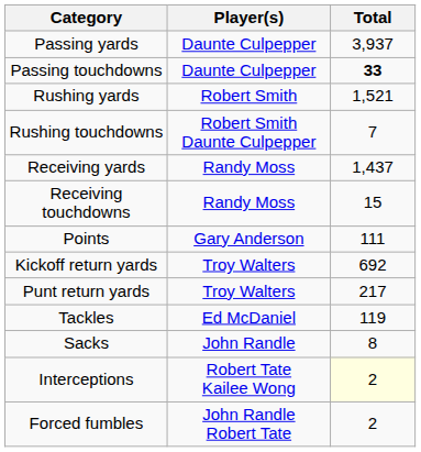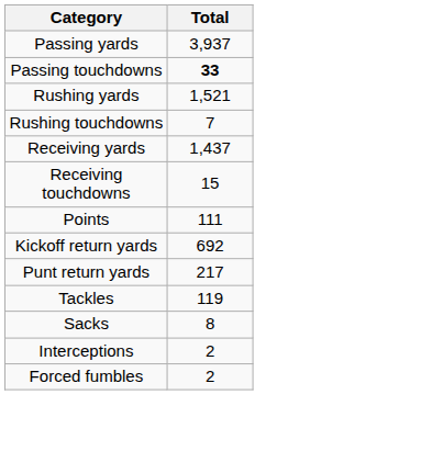 <table class="wikitable" style="text-align:center">
 <tr>
 <th width=150px>Category</th>
-<th width=150px>Player(s)</th>
 <th width=75px>Total</th>
 </tr>
 <tr>
 <td>Passing yards</td>
-<td><a href='#'>Daunte Culpepper</a></td>
 <td>3,937</td>
 </tr>
 <tr>
 <td>Passing touchdowns</td>
-<td><a href='#'>Daunte Culpepper</a></td>
 <td><strong>33</strong></td>
 </tr>
 <tr>
 <td>Rushing yards</td>
-<td><a href='#'>Robert Smith</a></td>
 <td>1,521</td>
 </tr>
 <tr>
 <td>Rushing touchdowns</td>
-<td><a href='#'>Robert Smith</a> <br> <a href='#'>Daunte Culpepper</a></td>
 <td>7</td>
 </tr>
 <tr>
 <td>Receiving yards</td>
-<td><a href='#'>Randy Moss</a></td>
 <td>1,437</td>
 </tr>
 <tr>
 <td>Receiving touchdowns</td>
-<td><a href='#'>Randy Moss</a></td>
 <td>15</td>
 </tr>
 <tr>
 <td>Points</td>
-<td><a href='#'>Gary Anderson</a></td>
 <td>111</td>
 </tr>
 <tr>
 <td>Kickoff return yards</td>
-<td><a href='#'>Troy Walters</a></td>
 <td>692</td>
 </tr>
 <tr>
 <td>Punt return yards</td>
-<td><a href='#'>Troy Walters</a></td>
 <td>217</td>
 </tr>
 <tr>
 <td>Tackles</td>
-<td><a href='#'>Ed McDaniel</a></td>
 <td>119</td>
 </tr>
 <tr>
 <td>Sacks</td>
-<td><a href='#'>John Randle</a></td>
 <td>8</td>
 </tr>
 <tr>
 <td>Interceptions</td>
-<td><a href='#'>Robert Tate</a> <br> <a href='#'>Kailee Wong</a></td>
-<td style="background: lightyellow;">2</td>
+<td>2</td>
 </tr>
 <tr>
 <td>Forced fumbles</td>
-<td><a href='#'>John Randle</a> <br> <a href='#'>Robert Tate</a></td>
 <td>2</td>
 </tr>
 </table>
